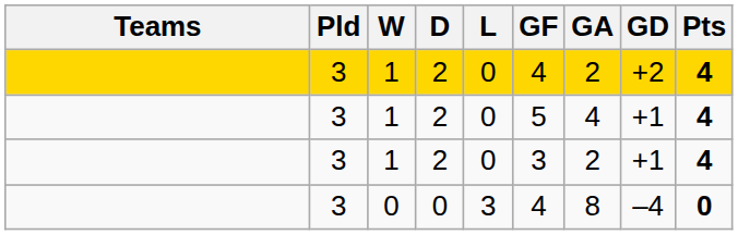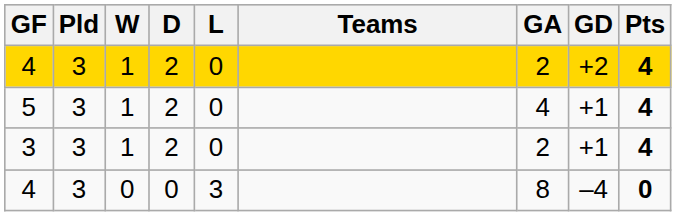 <table class="wikitable" style="text-align: center;">
 <tr>
-<th width=165>Teams</th>
+<th width=20>GF</th>
 <th width=20>Pld</th>
 <th width=20>W</th>
 <th width=20>D</th>
 <th width=20>L</th>
-<th width=20>GF</th>
+<th width=165>Teams</th>
 <th width=20>GA</th>
 <th width=20>GD</th>
 <th width=20>Pts</th>
 </tr>
 <tr style="text-align:center; background:gold;">
-<td style="text-align:left;"></td>
+<td>4</td>
 <td>3</td>
 <td>1</td>
 <td>2</td>
 <td>0</td>
-<td>4</td>
+<td style="text-align:left;"></td>
 <td>2</td>
 <td>+2</td>
 <td><strong>4</strong></td>
 </tr>
 <tr align=center>
-<td style="text-align:left;"></td>
+<td>5</td>
 <td>3</td>
 <td>1</td>
 <td>2</td>
 <td>0</td>
-<td>5</td>
+<td style="text-align:left;"></td>
 <td>4</td>
 <td>+1</td>
 <td><strong>4</strong></td>
 </tr>
 <tr align=center>
-<td style="text-align:left;"></td>
+<td>3</td>
 <td>3</td>
 <td>1</td>
 <td>2</td>
 <td>0</td>
-<td>3</td>
+<td style="text-align:left;"></td>
 <td>2</td>
 <td>+1</td>
 <td><strong>4</strong></td>
 </tr>
 <tr align=center>
-<td style="text-align:left;"></td>
+<td>4</td>
 <td>3</td>
 <td>0</td>
 <td>0</td>
 <td>3</td>
-<td>4</td>
+<td style="text-align:left;"></td>
 <td>8</td>
 <td>–4</td>
 <td><strong>0</strong></td>
 </tr>
 </table>
